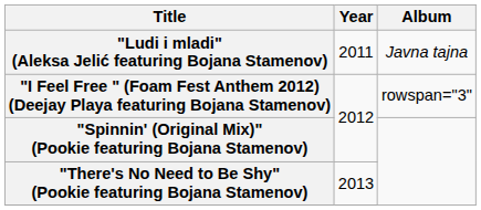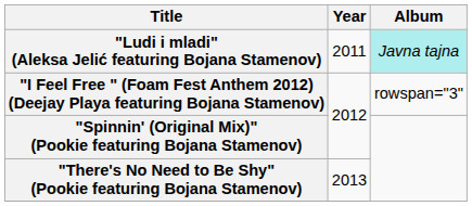 <table class="wikitable plainrowheaders" style="text-align:center;">
 <tr>
 <th scope="col">Title</th>
 <th scope="col">Year</th>
 <th scope="col">Album</th>
 </tr>
 <tr>
 <th scope="row">"Ludi i mladi"<br><span>(Aleksa Jelić featuring Bojana Stamenov)</span></th>
 <td>2011</td>
-<td><em>Javna tajna</em></td>
+<td style="background: paleturquoise;"><em>Javna tajna</em></td>
 </tr>
 <tr>
 <th scope="row">"I Feel Free " (Foam Fest Anthem 2012)<br><span>(Deejay Playa featuring Bojana Stamenov)</span></th>
 <td rowspan="2">2012</td>
 <td>rowspan="3" </td>
 </tr>
 <tr>
 <th scope="row">"Spinnin' (Original Mix)"<br><span>(Pookie featuring Bojana Stamenov)</span></th>
 </tr>
 <tr>
 <th scope="row">"There's No Need to Be Shy"<br><span>(Pookie featuring Bojana Stamenov)</span></th>
 <td>2013</td>
 </tr>
 <tr>
 </tr>
 </table>
